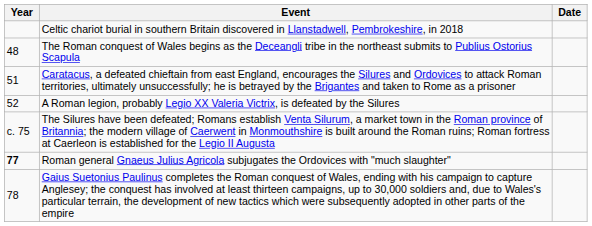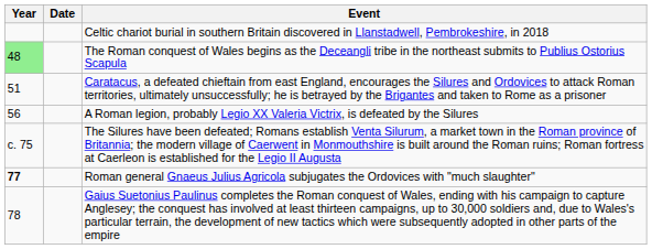 <table class="wikitable" width="100%">
 <tr>
 <th style="width:6%">Year</th>
+<th style="width:6%">Date</th>
 <th>Event</th>
-<th style="width:6%">Date</th>
 </tr>
 <tr>
 <td></td>
+<td></td>
 <td>Celtic chariot burial in southern Britain discovered in <a href='#'>Llanstadwell</a>, <a href='#'>Pembrokeshire</a>, in 2018</td>
-<td></td>
 </tr>
 <tr>
-<td>48</td>
+<td style="background: lightgreen;">48</td>
+<td></td>
 <td>The Roman conquest of Wales begins as the <a href='#'>Deceangli</a> tribe in the northeast submits to <a href='#'>Publius Ostorius Scapula</a></td>
-<td></td>
 </tr>
 <tr>
 <td>51</td>
+<td></td>
 <td><a href='#'>Caratacus</a>, a defeated chieftain from east England, encourages the <a href='#'>Silures</a> and <a href='#'>Ordovices</a> to attack Roman territories, ultimately unsuccessfully; he is betrayed by the <a href='#'>Brigantes</a> and taken to Rome as a prisoner</td>
-<td></td>
 </tr>
 <tr>
-<td>52</td>
+<td>56</td>
+<td></td>
 <td>A Roman legion, probably <a href='#'>Legio XX Valeria Victrix</a>, is defeated by the Silures</td>
-<td></td>
 </tr>
 <tr>
 <td>c. 75</td>
+<td></td>
 <td>The Silures have been defeated; Romans establish <a href='#'>Venta Silurum</a>, a market town in the <a href='#'>Roman province</a> of <a href='#'>Britannia</a>; the modern village of <a href='#'>Caerwent</a> in <a href='#'>Monmouthshire</a> is built around the Roman ruins; Roman fortress at Caerleon is established for the <a href='#'>Legio II Augusta</a></td>
-<td></td>
 </tr>
 <tr>
 <td><strong>77</strong></td>
+<td></td>
 <td>Roman general <a href='#'>Gnaeus Julius Agricola</a> subjugates the Ordovices with "much slaughter"</td>
-<td></td>
 </tr>
 <tr>
 <td>78</td>
+<td></td>
 <td><a href='#'>Gaius Suetonius Paulinus</a> completes the Roman conquest of Wales, ending with his campaign to capture Anglesey; the conquest has involved at least thirteen campaigns, up to 30,000 soldiers and, due to Wales's particular terrain, the development of new tactics which were subsequently adopted in other parts of the empire</td>
-<td></td>
 </tr>
 </table>
